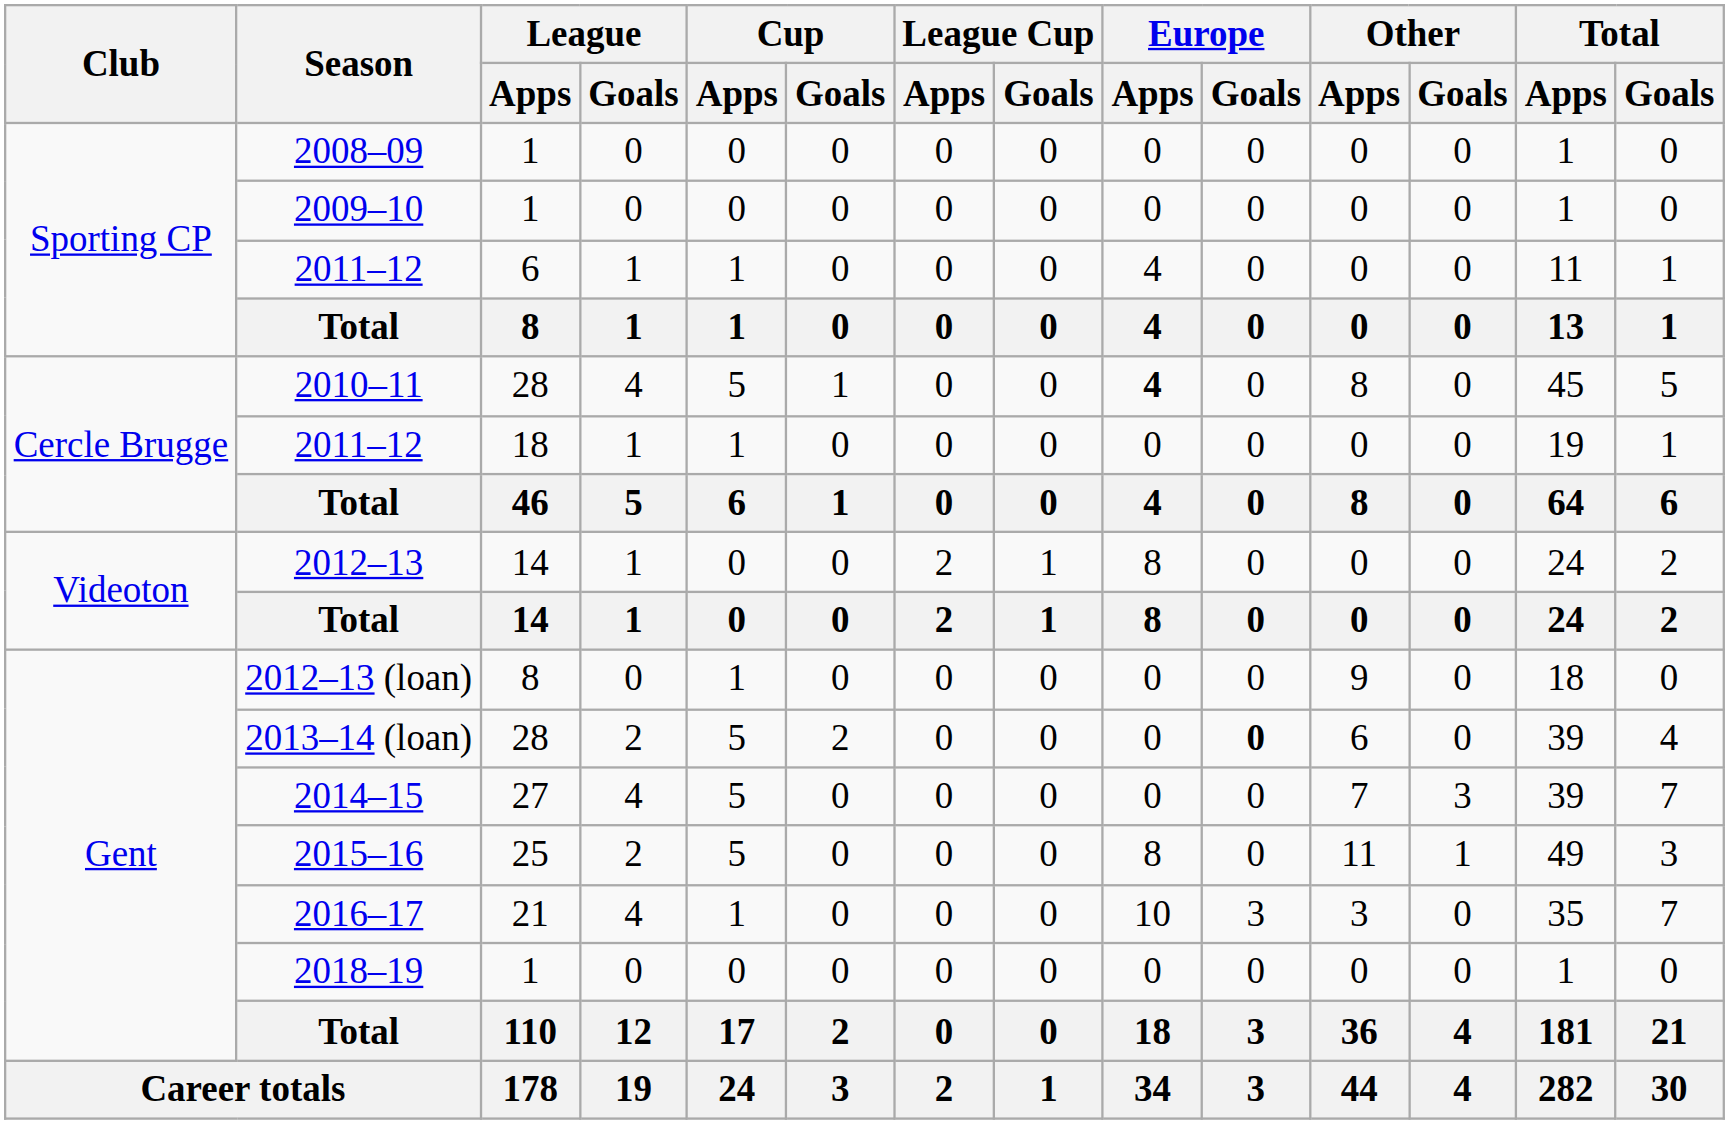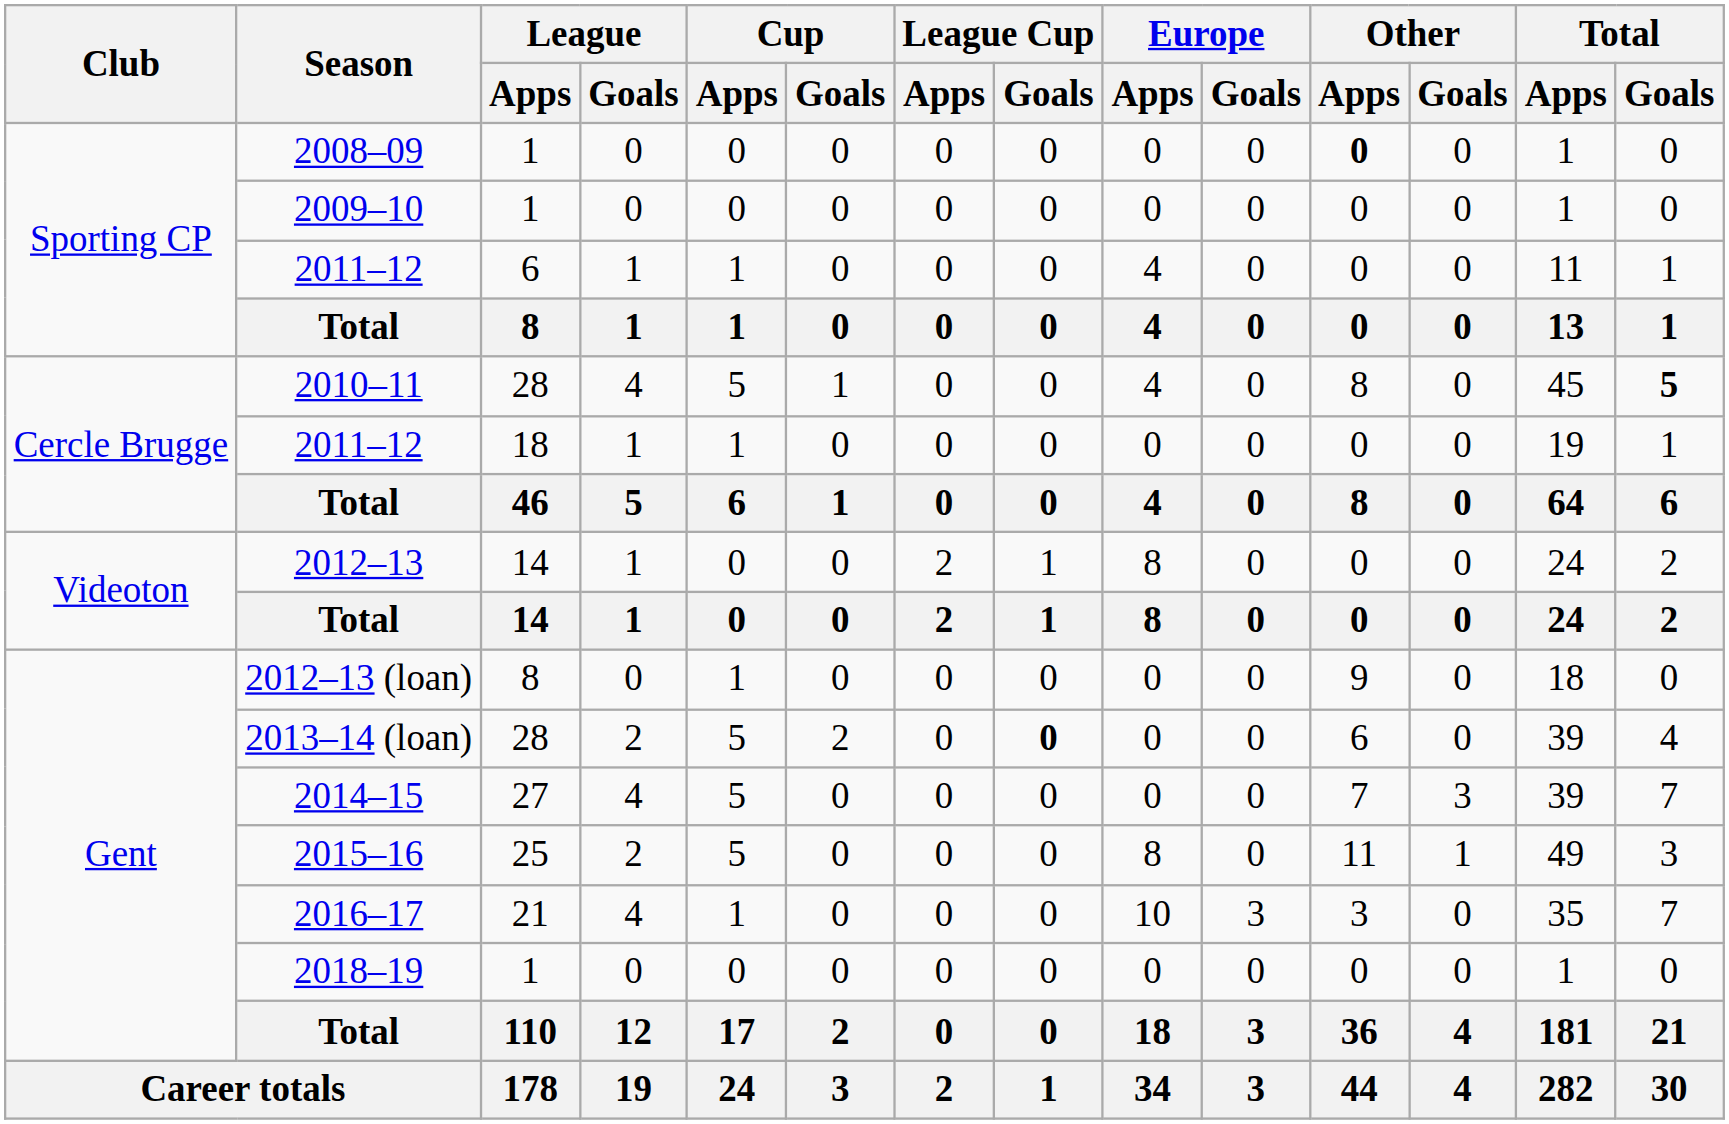 <table class="wikitable" style="text-align: center;">
 <tr>
 <th rowspan="2">Club</th>
 <th rowspan="2">Season</th>
 <th colspan="2">League</th>
 <th colspan="2">Cup</th>
 <th colspan="2">League Cup</th>
 <th colspan="2"><a href='#'>Europe</a></th>
 <th colspan="2">Other</th>
 <th colspan="2">Total</th>
 </tr>
 <tr>
 <th>Apps</th>
 <th>Goals</th>
 <th>Apps</th>
 <th>Goals</th>
 <th>Apps</th>
 <th>Goals</th>
 <th>Apps</th>
 <th>Goals</th>
 <th>Apps</th>
 <th>Goals</th>
 <th>Apps</th>
 <th>Goals</th>
 </tr>
 <tr>
 <td rowspan="4"><a href='#'>Sporting CP</a></td>
 <td><a href='#'>2008–09</a></td>
 <td>1</td>
 <td>0</td>
 <td>0</td>
 <td>0</td>
 <td>0</td>
 <td>0</td>
 <td>0</td>
 <td>0</td>
-<td>0</td>
+<td><strong>0</strong></td>
 <td>0</td>
 <td>1</td>
 <td>0</td>
 </tr>
 <tr>
 <td><a href='#'>2009–10</a></td>
 <td>1</td>
 <td>0</td>
 <td>0</td>
 <td>0</td>
 <td>0</td>
 <td>0</td>
 <td>0</td>
 <td>0</td>
 <td>0</td>
 <td>0</td>
 <td>1</td>
 <td>0</td>
 </tr>
 <tr>
 <td><a href='#'>2011–12</a></td>
 <td>6</td>
 <td>1</td>
 <td>1</td>
 <td>0</td>
 <td>0</td>
 <td>0</td>
 <td>4</td>
 <td>0</td>
 <td>0</td>
 <td>0</td>
 <td>11</td>
 <td>1</td>
 </tr>
 <tr>
 <th>Total</th>
 <th>8</th>
 <th>1</th>
 <th>1</th>
 <th>0</th>
 <th>0</th>
 <th>0</th>
 <th>4</th>
 <th>0</th>
 <th>0</th>
 <th>0</th>
 <th>13</th>
 <th>1</th>
 </tr>
 <tr>
 <td rowspan="3"><a href='#'>Cercle Brugge</a></td>
 <td><a href='#'>2010–11</a></td>
 <td>28</td>
 <td>4</td>
 <td>5</td>
 <td>1</td>
 <td>0</td>
 <td>0</td>
-<td><strong>4</strong></td>
+<td>4</td>
 <td>0</td>
 <td>8</td>
 <td>0</td>
 <td>45</td>
-<td>5</td>
+<td><strong>5</strong></td>
 </tr>
 <tr>
 <td><a href='#'>2011–12</a></td>
 <td>18</td>
 <td>1</td>
 <td>1</td>
 <td>0</td>
 <td>0</td>
 <td>0</td>
 <td>0</td>
 <td>0</td>
 <td>0</td>
 <td>0</td>
 <td>19</td>
 <td>1</td>
 </tr>
 <tr>
 <th>Total</th>
 <th>46</th>
 <th>5</th>
 <th>6</th>
 <th>1</th>
 <th>0</th>
 <th>0</th>
 <th>4</th>
 <th>0</th>
 <th>8</th>
 <th>0</th>
 <th>64</th>
 <th>6</th>
 </tr>
 <tr>
 <td rowspan="2"><a href='#'>Videoton</a></td>
 <td><a href='#'>2012–13</a></td>
 <td>14</td>
 <td>1</td>
 <td>0</td>
 <td>0</td>
 <td>2</td>
 <td>1</td>
 <td>8</td>
 <td>0</td>
 <td>0</td>
 <td>0</td>
 <td>24</td>
 <td>2</td>
 </tr>
 <tr>
 <th>Total</th>
 <th>14</th>
 <th>1</th>
 <th>0</th>
 <th>0</th>
 <th>2</th>
 <th>1</th>
 <th>8</th>
 <th>0</th>
 <th>0</th>
 <th>0</th>
 <th>24</th>
 <th>2</th>
 </tr>
 <tr>
 <td rowspan="7"><a href='#'>Gent</a></td>
 <td><a href='#'>2012–13</a> (loan)</td>
 <td>8</td>
 <td>0</td>
 <td>1</td>
 <td>0</td>
 <td>0</td>
 <td>0</td>
 <td>0</td>
 <td>0</td>
 <td>9</td>
 <td>0</td>
 <td>18</td>
 <td>0</td>
 </tr>
 <tr>
 <td><a href='#'>2013–14</a> (loan)</td>
 <td>28</td>
 <td>2</td>
 <td>5</td>
 <td>2</td>
 <td>0</td>
+<td><strong>0</strong></td>
 <td>0</td>
 <td>0</td>
-<td><strong>0</strong></td>
 <td>6</td>
 <td>0</td>
 <td>39</td>
 <td>4</td>
 </tr>
 <tr>
 <td><a href='#'>2014–15</a></td>
 <td>27</td>
 <td>4</td>
 <td>5</td>
 <td>0</td>
 <td>0</td>
 <td>0</td>
 <td>0</td>
 <td>0</td>
 <td>7</td>
 <td>3</td>
 <td>39</td>
 <td>7</td>
 </tr>
 <tr>
 <td><a href='#'>2015–16</a></td>
 <td>25</td>
 <td>2</td>
 <td>5</td>
 <td>0</td>
 <td>0</td>
 <td>0</td>
 <td>8</td>
 <td>0</td>
 <td>11</td>
 <td>1</td>
 <td>49</td>
 <td>3</td>
 </tr>
 <tr>
 <td><a href='#'>2016–17</a></td>
 <td>21</td>
 <td>4</td>
 <td>1</td>
 <td>0</td>
 <td>0</td>
 <td>0</td>
 <td>10</td>
 <td>3</td>
 <td>3</td>
 <td>0</td>
 <td>35</td>
 <td>7</td>
 </tr>
 <tr>
 <td><a href='#'>2018–19</a></td>
 <td>1</td>
 <td>0</td>
 <td>0</td>
 <td>0</td>
 <td>0</td>
 <td>0</td>
 <td>0</td>
 <td>0</td>
 <td>0</td>
 <td>0</td>
 <td>1</td>
 <td>0</td>
 </tr>
 <tr>
 <th>Total</th>
 <th>110</th>
 <th>12</th>
 <th>17</th>
 <th>2</th>
 <th>0</th>
 <th>0</th>
 <th>18</th>
 <th>3</th>
 <th>36</th>
 <th>4</th>
 <th>181</th>
 <th>21</th>
 </tr>
 <tr>
 <th colspan="2">Career totals</th>
 <th>178</th>
 <th>19</th>
 <th>24</th>
 <th>3</th>
 <th>2</th>
 <th>1</th>
 <th>34</th>
 <th>3</th>
 <th>44</th>
 <th>4</th>
 <th>282</th>
 <th>30</th>
 </tr>
 </table>
